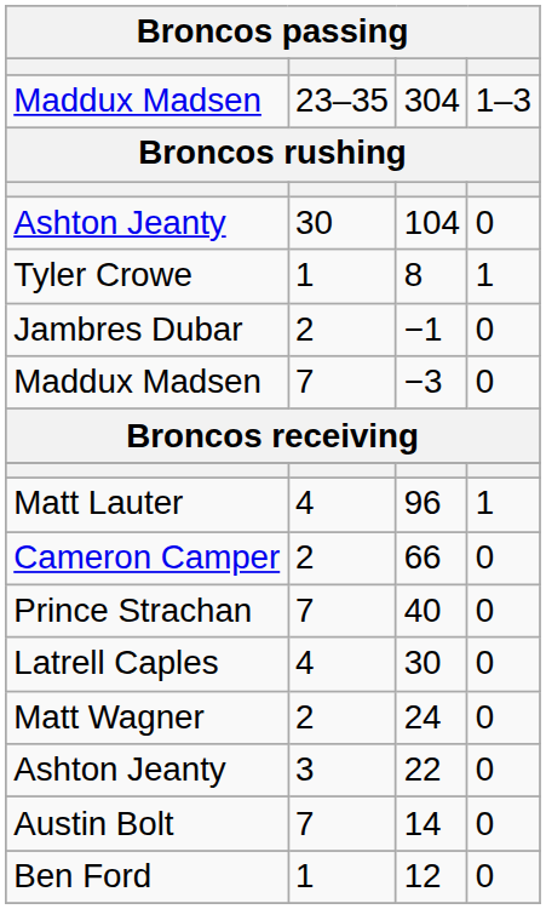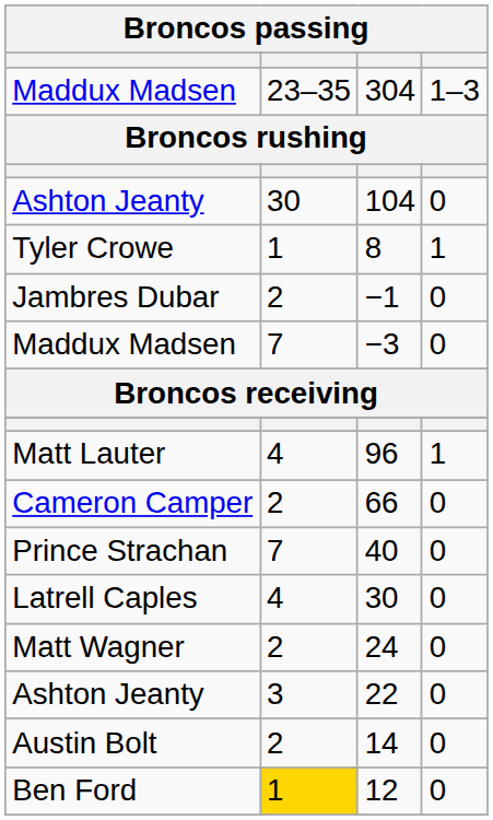 <table class="wikitable plainrowheaders">
 <tr>
 <th colspan="6">Broncos passing</th>
 </tr>
 <tr>
 <th scope="col"></th>
 <th scope="col"></th>
 <th scope="col"></th>
 <th scope="col"></th>
 </tr>
 <tr>
 <td><a href='#'>Maddux Madsen</a></td>
 <td>23–35</td>
 <td>304</td>
 <td>1–3</td>
 </tr>
 <tr>
 <th colspan="6">Broncos rushing</th>
 </tr>
 <tr>
 <th scope="col"></th>
 <th scope="col"></th>
 <th scope="col"></th>
 <th scope="col"></th>
 </tr>
 <tr>
 <td><a href='#'>Ashton Jeanty</a></td>
 <td>30</td>
 <td>104</td>
 <td>0</td>
 </tr>
 <tr>
 <td>Tyler Crowe</td>
 <td>1</td>
 <td>8</td>
 <td>1</td>
 </tr>
 <tr>
 <td>Jambres Dubar</td>
 <td>2</td>
 <td>−1</td>
 <td>0</td>
 </tr>
 <tr>
 <td>Maddux Madsen</td>
 <td>7</td>
 <td>−3</td>
 <td>0</td>
 </tr>
 <tr>
 <th colspan="6">Broncos receiving</th>
 </tr>
 <tr>
 </tr>
 <tr>
 <th scope="col"></th>
 <th scope="col"></th>
 <th scope="col"></th>
 <th scope="col"></th>
 </tr>
 <tr>
 <td>Matt Lauter</td>
 <td>4</td>
 <td>96</td>
 <td>1</td>
 </tr>
 <tr>
 <td><a href='#'>Cameron Camper</a></td>
 <td>2</td>
 <td>66</td>
 <td>0</td>
 </tr>
 <tr>
 <td>Prince Strachan</td>
 <td>7</td>
 <td>40</td>
 <td>0</td>
 </tr>
 <tr>
 <td>Latrell Caples</td>
 <td>4</td>
 <td>30</td>
 <td>0</td>
 </tr>
 <tr>
 <td>Matt Wagner</td>
 <td>2</td>
 <td>24</td>
 <td>0</td>
 </tr>
 <tr>
 <td>Ashton Jeanty</td>
 <td>3</td>
 <td>22</td>
 <td>0</td>
 </tr>
 <tr>
 <td>Austin Bolt</td>
-<td>7</td>
+<td>2</td>
 <td>14</td>
 <td>0</td>
 </tr>
 <tr>
 <td>Ben Ford</td>
-<td>1</td>
+<td style="background: gold;">1</td>
 <td>12</td>
 <td>0</td>
 </tr>
 <tr>
 </tr>
 </table>
